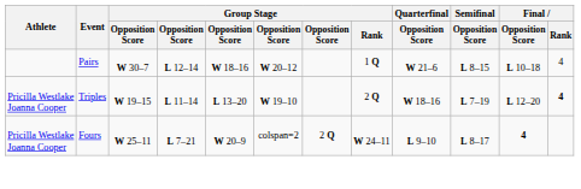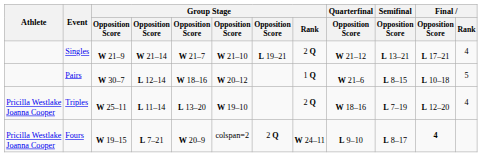 <table class="wikitable" style="font-size:85%">
 <tr>
 <th rowspan=2>Athlete</th>
 <th rowspan=2>Event</th>
 <th colspan=6>Group Stage</th>
 <th>Quarterfinal</th>
 <th>Semifinal</th>
 <th colspan=2>Final / </th>
 </tr>
 <tr style="font-size:95%">
 <th>Opposition<br>Score</th>
 <th>Opposition<br>Score</th>
 <th>Opposition<br>Score</th>
 <th>Opposition<br>Score</th>
 <th>Opposition<br>Score</th>
 <th>Rank</th>
 <th>Opposition<br>Score</th>
 <th>Opposition<br>Score</th>
 <th>Opposition<br>Score</th>
 <th>Rank</th>
 </tr>
 <tr align=center>
+<td align=left></td>
+<td align=left><a href='#'>Singles</a></td>
+<td><br><strong>W</strong> 21–9</td>
+<td><br><strong>W</strong> 21–14</td>
+<td><br><strong>W</strong> 21–7</td>
+<td><br><strong>W</strong> 21–10</td>
+<td><br><strong>L</strong> 19–21</td>
+<td>2 <strong>Q</strong></td>
+<td><br><strong>W</strong> 21–12</td>
+<td><br><strong>L</strong> 13–21</td>
+<td><br><strong>L</strong> 17–21</td>
+<td>4</td>
+</tr>
+<tr align=center>
 <td align=left><br></td>
 <td align=left><a href='#'>Pairs</a></td>
 <td><br><strong>W</strong> 30–7</td>
 <td><br><strong>L</strong> 12–14</td>
 <td><br><strong>W</strong> 18–16</td>
 <td><br><strong>W</strong> 20–12</td>
 <td></td>
 <td>1 <strong>Q</strong></td>
 <td><br><strong>W</strong> 21–6</td>
 <td><br><strong>L</strong> 8–15</td>
 <td><br><strong>L</strong> 10–18</td>
-<td>4</td>
+<td>5</td>
 </tr>
 <tr align=center>
 <td align=left><br><a href='#'>Pricilla Westlake</a><br><a href='#'>Joanna Cooper</a></td>
 <td align=left><a href='#'>Triples</a></td>
-<td><br><strong>W</strong> 19–15</td>
+<td><br><strong>W</strong> 25–11</td>
 <td><br><strong>L</strong> 11–14</td>
 <td><br><strong>L</strong> 13–20</td>
 <td><br><strong>W</strong> 19–10</td>
 <td></td>
 <td>2 <strong>Q</strong></td>
 <td><br><strong>W</strong> 18–16</td>
 <td><br><strong>L</strong> 7–19</td>
 <td><br><strong>L</strong> 12–20</td>
-<td><strong>4</strong></td>
+<td>4</td>
 </tr>
 <tr align=center>
 <td align=left><br><a href='#'>Pricilla Westlake</a><br><a href='#'>Joanna Cooper</a><br></td>
 <td align=left><a href='#'>Fours</a></td>
-<td><br><strong>W</strong> 25–11</td>
+<td><br><strong>W</strong> 19–15</td>
 <td><br><strong>L</strong> 7–21</td>
 <td><br><strong>W</strong> 20–9</td>
 <td>colspan=2 </td>
 <td>2 <strong>Q</strong></td>
 <td><br><strong>W</strong> 24–11</td>
 <td><br><strong>L</strong> 9–10</td>
 <td><br><strong>L</strong> 8–17</td>
 <td><strong>4</strong></td>
 </tr>
 </table>
